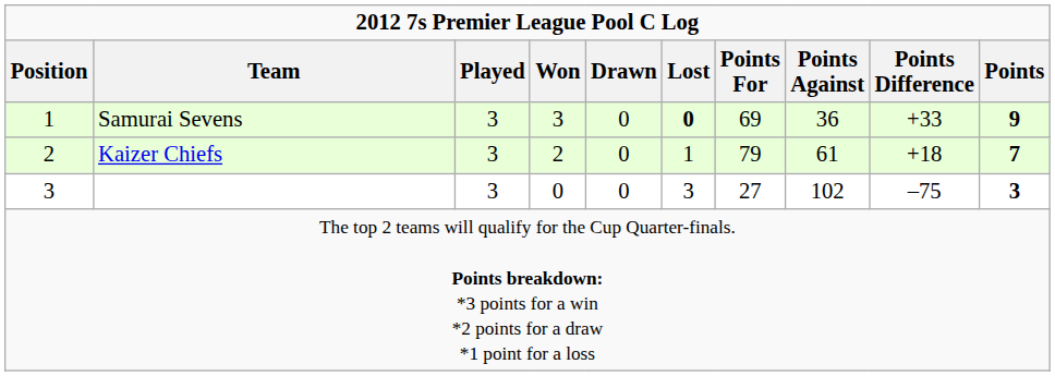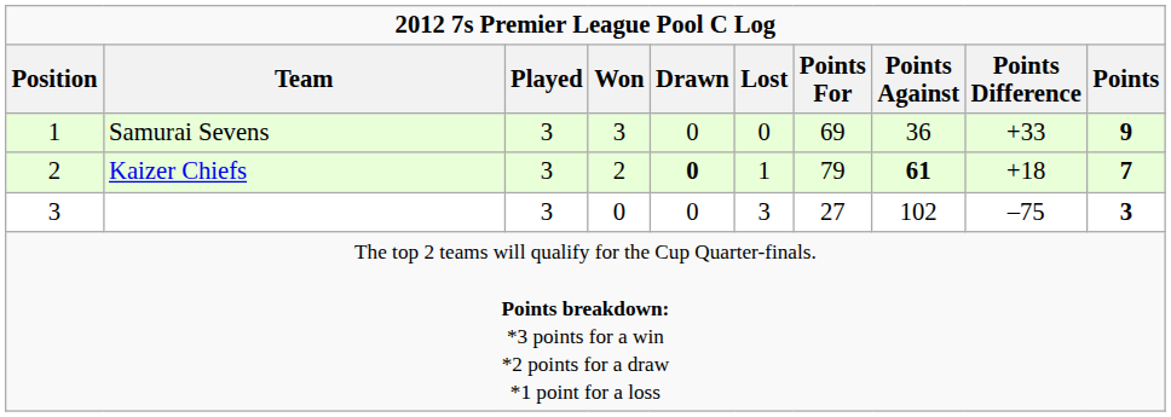 <table class="wikitable" style="text-align: center;">
 <tr>
 <td colspan="10" cellpadding="0" cellspacing="0"><strong>2012 7s Premier League Pool C Log</strong></td>
 </tr>
 <tr>
 <th bgcolor="#efefef" width="20">Position</th>
 <th bgcolor="#efefef" width="250">Team</th>
 <th bgcolor="#efefef" width="20">Played</th>
 <th bgcolor="#efefef" width="20">Won</th>
 <th bgcolor="#efefef" width="20">Drawn</th>
 <th bgcolor="#efefef" width="20">Lost</th>
 <th bgcolor="#efefef" width="20">Points For</th>
 <th bgcolor="#efefef" width="20">Points Against</th>
 <th bgcolor="#efefef" width="20">Points Difference</th>
 <th bgcolor="#efefef" width="20">Points<br></th>
 </tr>
 <tr bgcolor=#E8FFD8>
 <td>1</td>
 <td align=left>Samurai Sevens</td>
 <td>3</td>
 <td>3</td>
 <td>0</td>
-<td><strong>0</strong></td>
+<td>0</td>
 <td>69</td>
 <td>36</td>
 <td>+33</td>
 <td><strong>9</strong></td>
 </tr>
 <tr bgcolor=#E8FFD8>
 <td>2</td>
 <td align=left><a href='#'>Kaizer Chiefs</a></td>
 <td>3</td>
 <td>2</td>
-<td>0</td>
+<td><strong>0</strong></td>
 <td>1</td>
 <td>79</td>
-<td>61</td>
+<td><strong>61</strong></td>
 <td>+18</td>
 <td><strong>7</strong></td>
 </tr>
 <tr bgcolor=#FFFFFF>
 <td>3</td>
 <td align=left></td>
 <td>3</td>
 <td>0</td>
 <td>0</td>
 <td>3</td>
 <td>27</td>
 <td>102</td>
 <td>–75</td>
 <td><strong>3</strong></td>
 </tr>
 <tr |align=left|>
 <td colspan="10" style="border:0px"><small>The top 2 teams will qualify for the Cup Quarter-finals.<br><br><strong>Points breakdown:</strong><br>*3 points for a win<br>*2 points for a draw<br>*1 point for a loss</small></td>
 </tr>
 </table>
